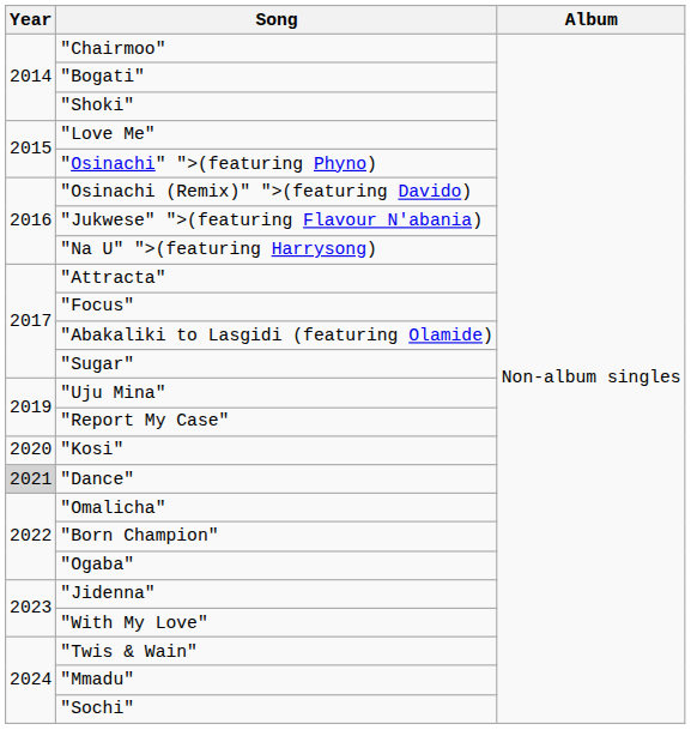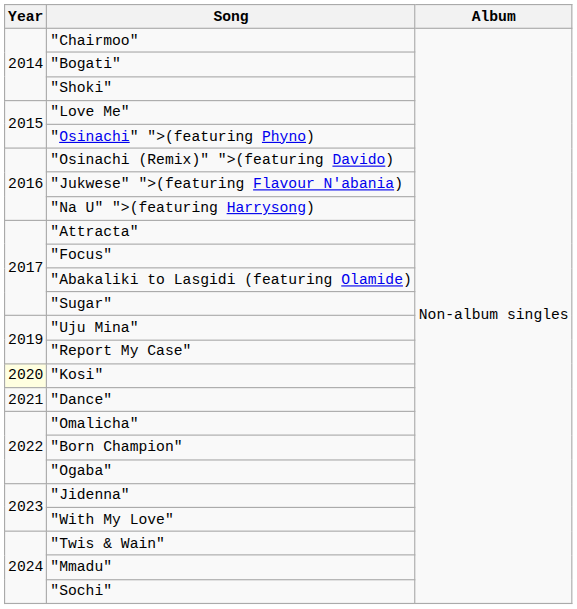 <table class="wikitable sortable">
 <tr>
 <th>Year</th>
 <th>Song</th>
 <th>Album</th>
 </tr>
 <tr>
 <td rowspan="3">2014</td>
 <td>"Chairmoo"</td>
 <td rowspan="24">Non-album singles</td>
 </tr>
 <tr>
 <td>"Bogati"</td>
 </tr>
 <tr>
 <td>"Shoki"</td>
 </tr>
 <tr>
 <td rowspan="2">2015</td>
 <td>"Love Me"</td>
 </tr>
 <tr>
 <td>"<a href='#'>Osinachi</a>" <span>">(featuring <a href='#'>Phyno</a>)</span></td>
 </tr>
 <tr>
 <td rowspan="3">2016</td>
 <td>"Osinachi (Remix)" <span>">(featuring <a href='#'>Davido</a>)</span></td>
 </tr>
 <tr>
 <td>"Jukwese" <span>">(featuring <a href='#'>Flavour N'abania</a>)</span></td>
 </tr>
 <tr>
 <td>"Na U" <span>">(featuring <a href='#'>Harrysong</a>)</span></td>
 </tr>
 <tr>
 <td rowspan="4">2017</td>
 <td>"Attracta"</td>
 </tr>
 <tr>
 <td>"Focus"</td>
 </tr>
 <tr>
 <td>"Abakaliki to Lasgidi (featuring <a href='#'>Olamide</a>)</td>
 </tr>
 <tr>
 <td>"Sugar"</td>
 </tr>
 <tr>
 <td rowspan="2">2019</td>
 <td>"Uju Mina"</td>
 </tr>
 <tr>
 <td>"Report My Case"</td>
 </tr>
 <tr>
-<td>2020</td>
+<td style="background: lightyellow;">2020</td>
 <td>"Kosi"</td>
 </tr>
 <tr>
-<td style="background: lightgrey;">2021</td>
+<td>2021</td>
 <td>"Dance"</td>
 </tr>
 <tr>
 <td rowspan="3">2022</td>
 <td>"Omalicha"</td>
 </tr>
 <tr>
 <td>"Born Champion"</td>
 </tr>
 <tr>
 <td>"Ogaba"</td>
 </tr>
 <tr>
 <td rowspan="2">2023</td>
 <td>"Jidenna"</td>
 </tr>
 <tr>
 <td>"With My Love"</td>
 </tr>
 <tr>
 <td rowspan="3">2024</td>
 <td>"Twis & Wain"</td>
 </tr>
 <tr>
 <td>"Mmadu"</td>
 </tr>
 <tr>
 <td>"Sochi"</td>
 </tr>
 </table>
